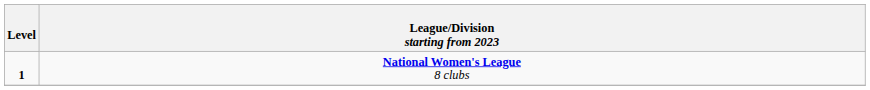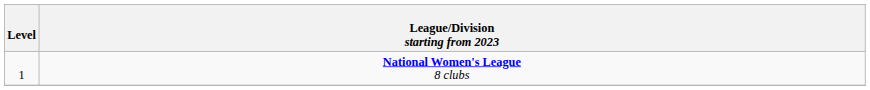 <table class="wikitable" style="text-align: center;">
 <tr>
 <th colspan="1" width="4%"><br>Level</th>
 <th colspan="18" width="96%"><br>League/Division <br> <em>starting from 2023</em></th>
 </tr>
 <tr>
-<td colspan="1" width="4%"><strong><br>1</strong></td>
+<td colspan="1" width="4%"><br>1</td>
 <td colspan="18" width="96%"><strong><a href='#'>National Women's League</a></strong><br><em>8 clubs</em></td>
 </tr>
 <tr>
 </tr>
 </table>
